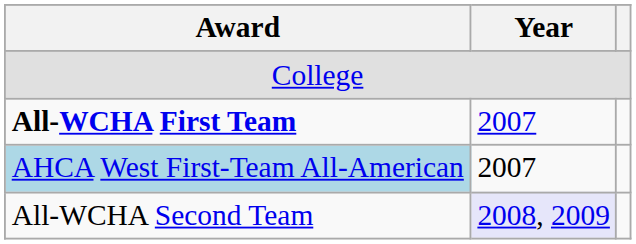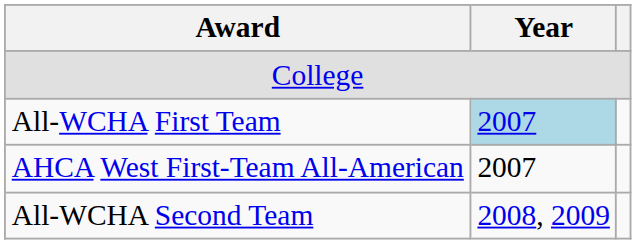 <table class="wikitable">
 <tr>
 <th>Award</th>
 <th>Year</th>
 <th></th>
 </tr>
 <tr ALIGN="center" bgcolor="#e0e0e0">
 <td colspan="3"><a href='#'>College</a></td>
 </tr>
 <tr>
-<td><strong>All-<a href='#'>WCHA</a> <a href='#'>First Team</a></strong></td>
-<td><a href='#'>2007</a></td>
+<td>All-<a href='#'>WCHA</a> <a href='#'>First Team</a></td>
+<td style="background: lightblue;"><a href='#'>2007</a></td>
 <td></td>
 </tr>
 <tr>
-<td style="background: lightblue;"><a href='#'>AHCA</a> <a href='#'>West First-Team All-American</a></td>
+<td><a href='#'>AHCA</a> <a href='#'>West First-Team All-American</a></td>
 <td>2007</td>
 <td></td>
 </tr>
 <tr>
 <td>All-WCHA <a href='#'>Second Team</a></td>
-<td style="background: lavender;"><a href='#'>2008</a>, <a href='#'>2009</a></td>
+<td><a href='#'>2008</a>, <a href='#'>2009</a></td>
 <td></td>
 </tr>
 </table>
